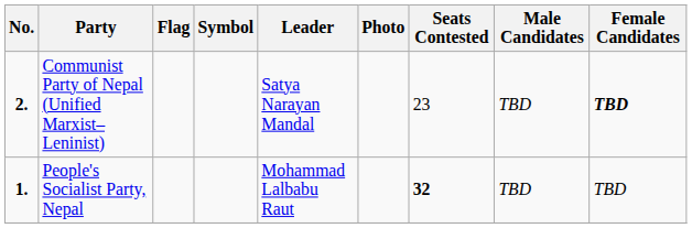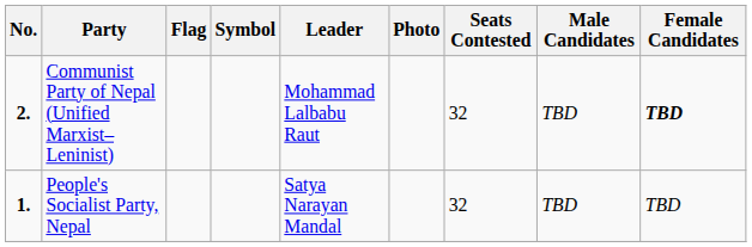 <table class="wikitable" width="50%">
 <tr>
 <th>No.</th>
 <th>Party</th>
 <th>Flag</th>
 <th>Symbol</th>
 <th>Leader</th>
 <th>Photo</th>
 <th>Seats Contested</th>
 <th>Male Candidates</th>
 <th>Female Candidates</th>
 </tr>
 <tr>
 <td style="text-align:center; background:"><strong>2.</strong></td>
 <td><a href='#'>Communist Party of Nepal (Unified Marxist–Leninist)</a></td>
 <td></td>
 <td></td>
-<td><a href='#'>Satya Narayan Mandal</a></td>
+<td><a href='#'>Mohammad Lalbabu Raut</a></td>
 <td></td>
-<td>23</td>
+<td>32</td>
 <td><em>TBD</em></td>
 <td><strong><em>TBD</em></strong></td>
 </tr>
 <tr>
 <td style="text-align:center; background:"><strong>1.</strong></td>
 <td><a href='#'>People's Socialist Party, Nepal</a></td>
 <td></td>
 <td></td>
-<td><a href='#'>Mohammad Lalbabu Raut</a></td>
+<td><a href='#'>Satya Narayan Mandal</a></td>
 <td></td>
-<td><strong>32</strong></td>
+<td>32</td>
 <td><em>TBD</em></td>
 <td><em>TBD</em></td>
 </tr>
 <tr>
 </tr>
 </table>
